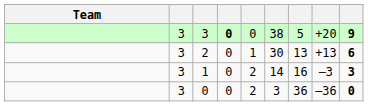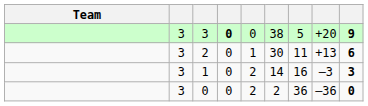 <table class="wikitable" style="text-align: center;">
 <tr>
 <th width="175">Team</th>
 <th width="20"></th>
 <th width="20"></th>
 <th width="20"></th>
 <th width="20"></th>
 <th width="20"></th>
 <th width="20"></th>
 <th width="20"></th>
 <th width="20"></th>
 </tr>
 <tr style="background-color: #ccffcc;">
 <td align=left></td>
 <td>3</td>
 <td>3</td>
 <td><strong>0</strong></td>
 <td>0</td>
 <td>38</td>
 <td>5</td>
 <td>+20</td>
 <td><strong>9</strong></td>
 </tr>
 <tr>
 <td align=left></td>
 <td>3</td>
 <td>2</td>
 <td>0</td>
 <td>1</td>
 <td>30</td>
-<td>13</td>
+<td>11</td>
 <td>+13</td>
 <td><strong>6</strong></td>
 </tr>
 <tr>
 <td align=left></td>
 <td>3</td>
 <td>1</td>
 <td>0</td>
 <td>2</td>
 <td>14</td>
 <td>16</td>
 <td>–3</td>
 <td><strong>3</strong></td>
 </tr>
 <tr>
 <td align=left></td>
 <td>3</td>
 <td>0</td>
 <td>0</td>
 <td>2</td>
-<td>3</td>
+<td>2</td>
 <td>36</td>
 <td>–36</td>
 <td><strong>0</strong></td>
 </tr>
 </table>
